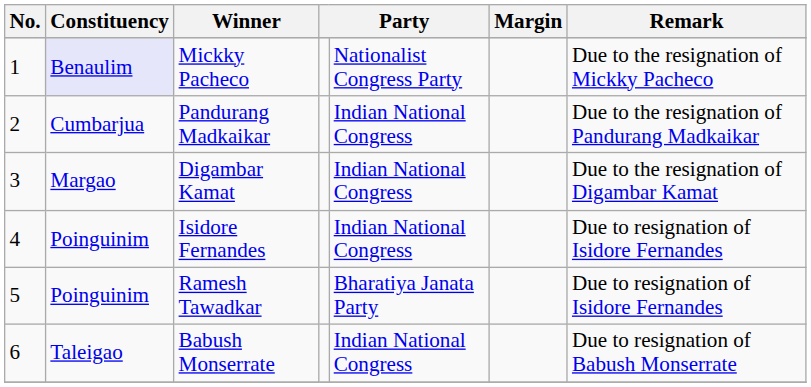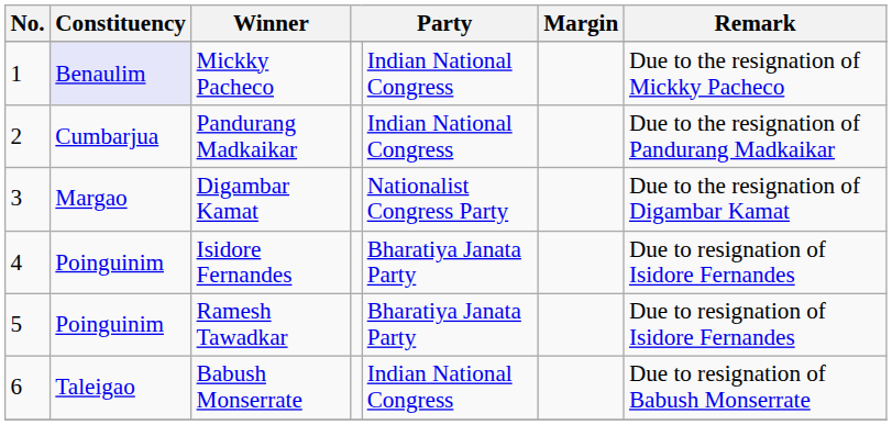 <table class="wikitable sortable" border="1">
 <tr>
 <th>No.</th>
 <th>Constituency</th>
 <th>Winner</th>
 <th colspan="2">Party</th>
 <th>Margin</th>
 <th>Remark</th>
 </tr>
 <tr>
 </tr>
 <tr>
 <td>1</td>
 <td style="background: lavender;"><a href='#'>Benaulim</a></td>
 <td><a href='#'>Mickky Pacheco</a></td>
 <td></td>
-<td><a href='#'>Nationalist Congress Party</a></td>
+<td><a href='#'>Indian National Congress</a></td>
 <td></td>
 <td>Due to the resignation of <a href='#'>Mickky Pacheco</a></td>
 </tr>
 <tr>
 <td>2</td>
 <td><a href='#'>Cumbarjua</a></td>
 <td><a href='#'>Pandurang Madkaikar</a></td>
 <td></td>
 <td><a href='#'>Indian National Congress</a></td>
 <td></td>
 <td>Due to the resignation of <a href='#'>Pandurang Madkaikar</a></td>
 </tr>
 <tr>
 <td>3</td>
 <td><a href='#'>Margao</a></td>
 <td><a href='#'>Digambar Kamat</a></td>
 <td></td>
-<td><a href='#'>Indian National Congress</a></td>
+<td><a href='#'>Nationalist Congress Party</a></td>
 <td></td>
 <td>Due to the resignation of <a href='#'>Digambar Kamat</a></td>
 </tr>
 <tr>
 <td>4</td>
 <td><a href='#'>Poinguinim</a></td>
 <td><a href='#'>Isidore Fernandes</a></td>
 <td></td>
-<td><a href='#'>Indian National Congress</a></td>
+<td><a href='#'>Bharatiya Janata Party</a></td>
 <td></td>
 <td>Due to resignation of <a href='#'>Isidore Fernandes</a></td>
 </tr>
 <tr>
 <td>5</td>
 <td><a href='#'>Poinguinim</a></td>
 <td><a href='#'>Ramesh Tawadkar</a></td>
 <td></td>
 <td><a href='#'>Bharatiya Janata Party</a></td>
 <td></td>
 <td>Due to resignation of <a href='#'>Isidore Fernandes</a></td>
 </tr>
 <tr>
 <td>6</td>
 <td><a href='#'>Taleigao</a></td>
 <td><a href='#'>Babush Monserrate</a></td>
 <td></td>
 <td><a href='#'>Indian National Congress</a></td>
 <td></td>
 <td>Due to resignation of <a href='#'>Babush Monserrate</a></td>
 </tr>
 <tr>
 </tr>
 </table>
